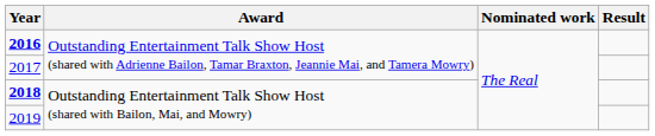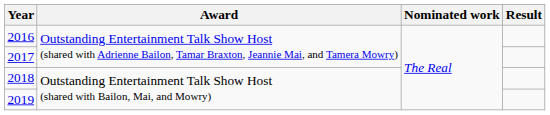 <table class="wikitable">
 <tr>
 <th>Year</th>
 <th>Award</th>
 <th>Nominated work</th>
 <th>Result</th>
 </tr>
 <tr>
-<td><strong><a href='#'>2016</a></strong></td>
+<td><a href='#'>2016</a></td>
 <td rowspan=2><a href='#'>Outstanding Entertainment Talk Show Host</a><br><small>(shared with <a href='#'>Adrienne Bailon</a>, <a href='#'>Tamar Braxton</a>, <a href='#'>Jeannie Mai</a>, and <a href='#'>Tamera Mowry</a>)</small></td>
 <td rowspan=4><em><a href='#'>The Real</a></em></td>
 <td></td>
 </tr>
 <tr>
 <td><a href='#'>2017</a></td>
 <td></td>
 </tr>
 <tr>
-<td><strong><a href='#'>2018</a></strong></td>
+<td><a href='#'>2018</a></td>
 <td rowspan=2>Outstanding Entertainment Talk Show Host<br><small>(shared with Bailon, Mai, and Mowry)</small></td>
 <td></td>
 </tr>
 <tr>
 <td><a href='#'>2019</a></td>
 <td></td>
 </tr>
 </table>
